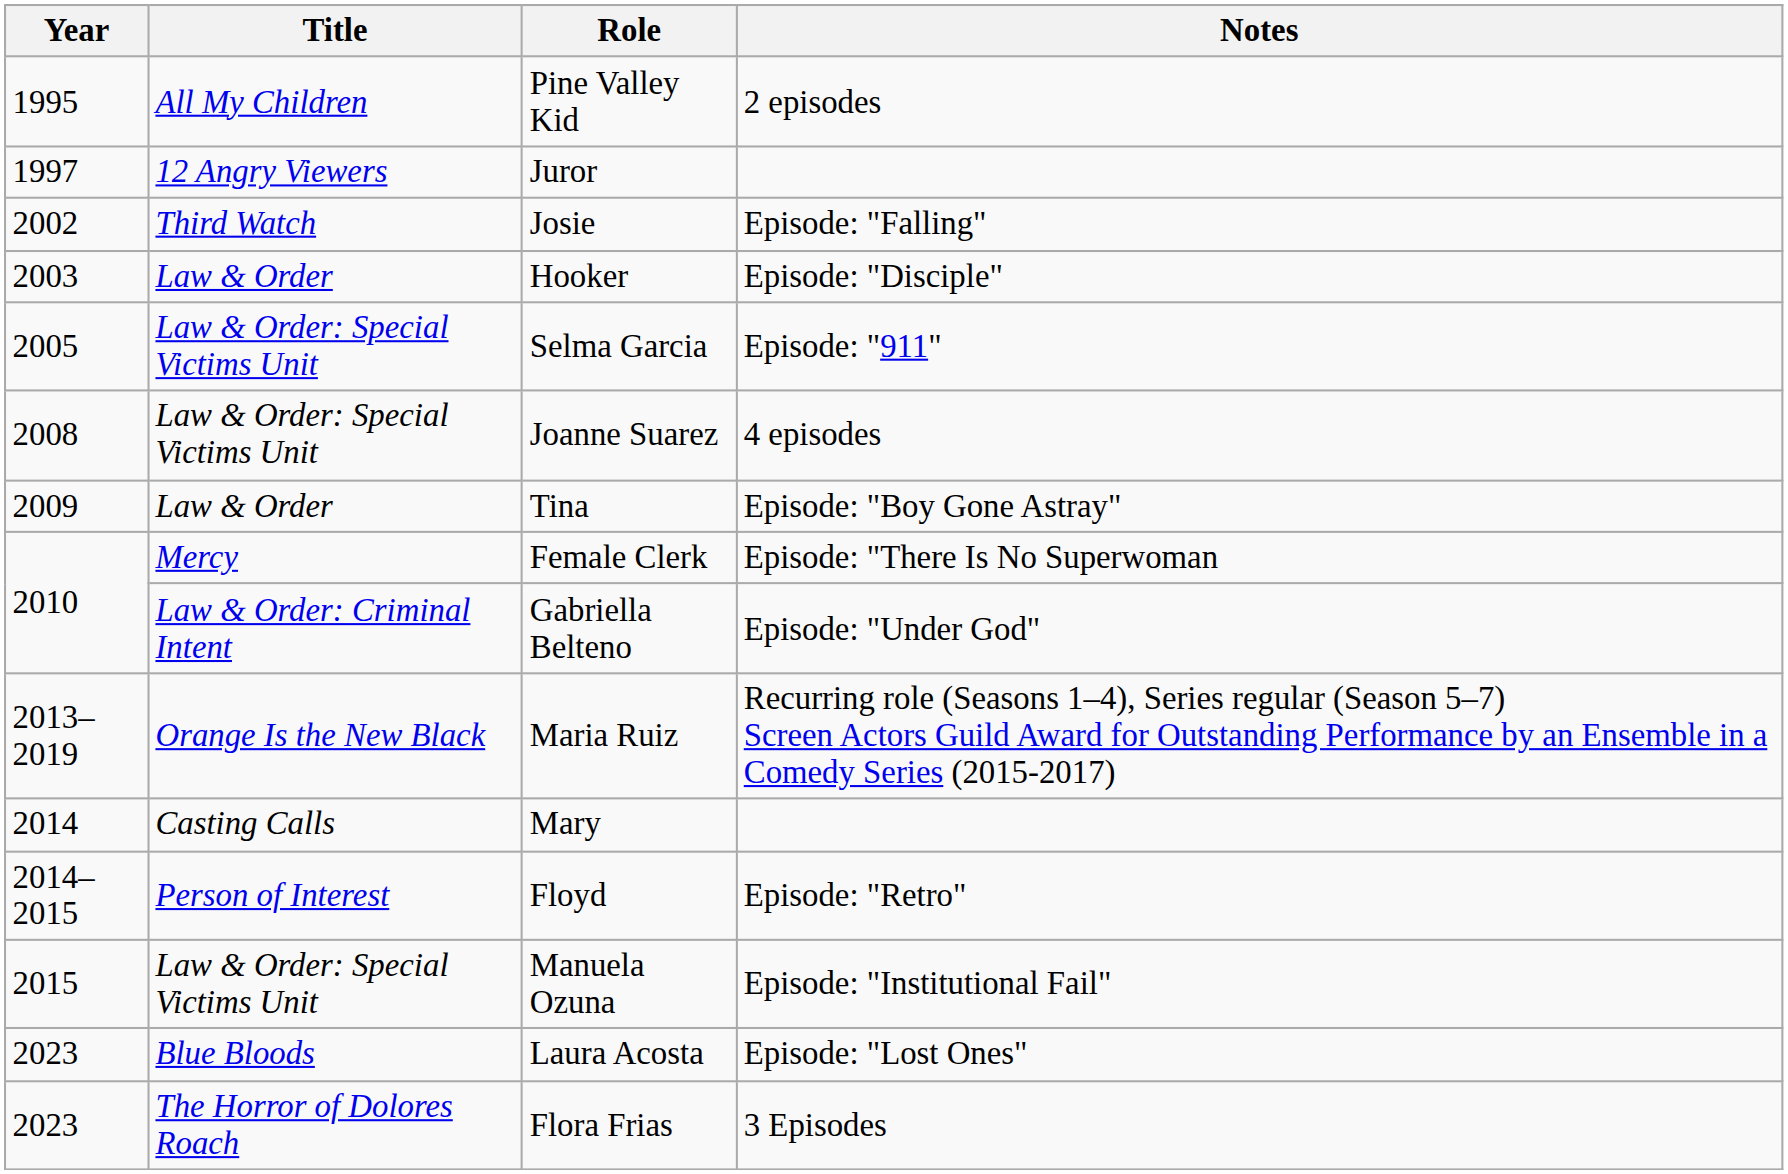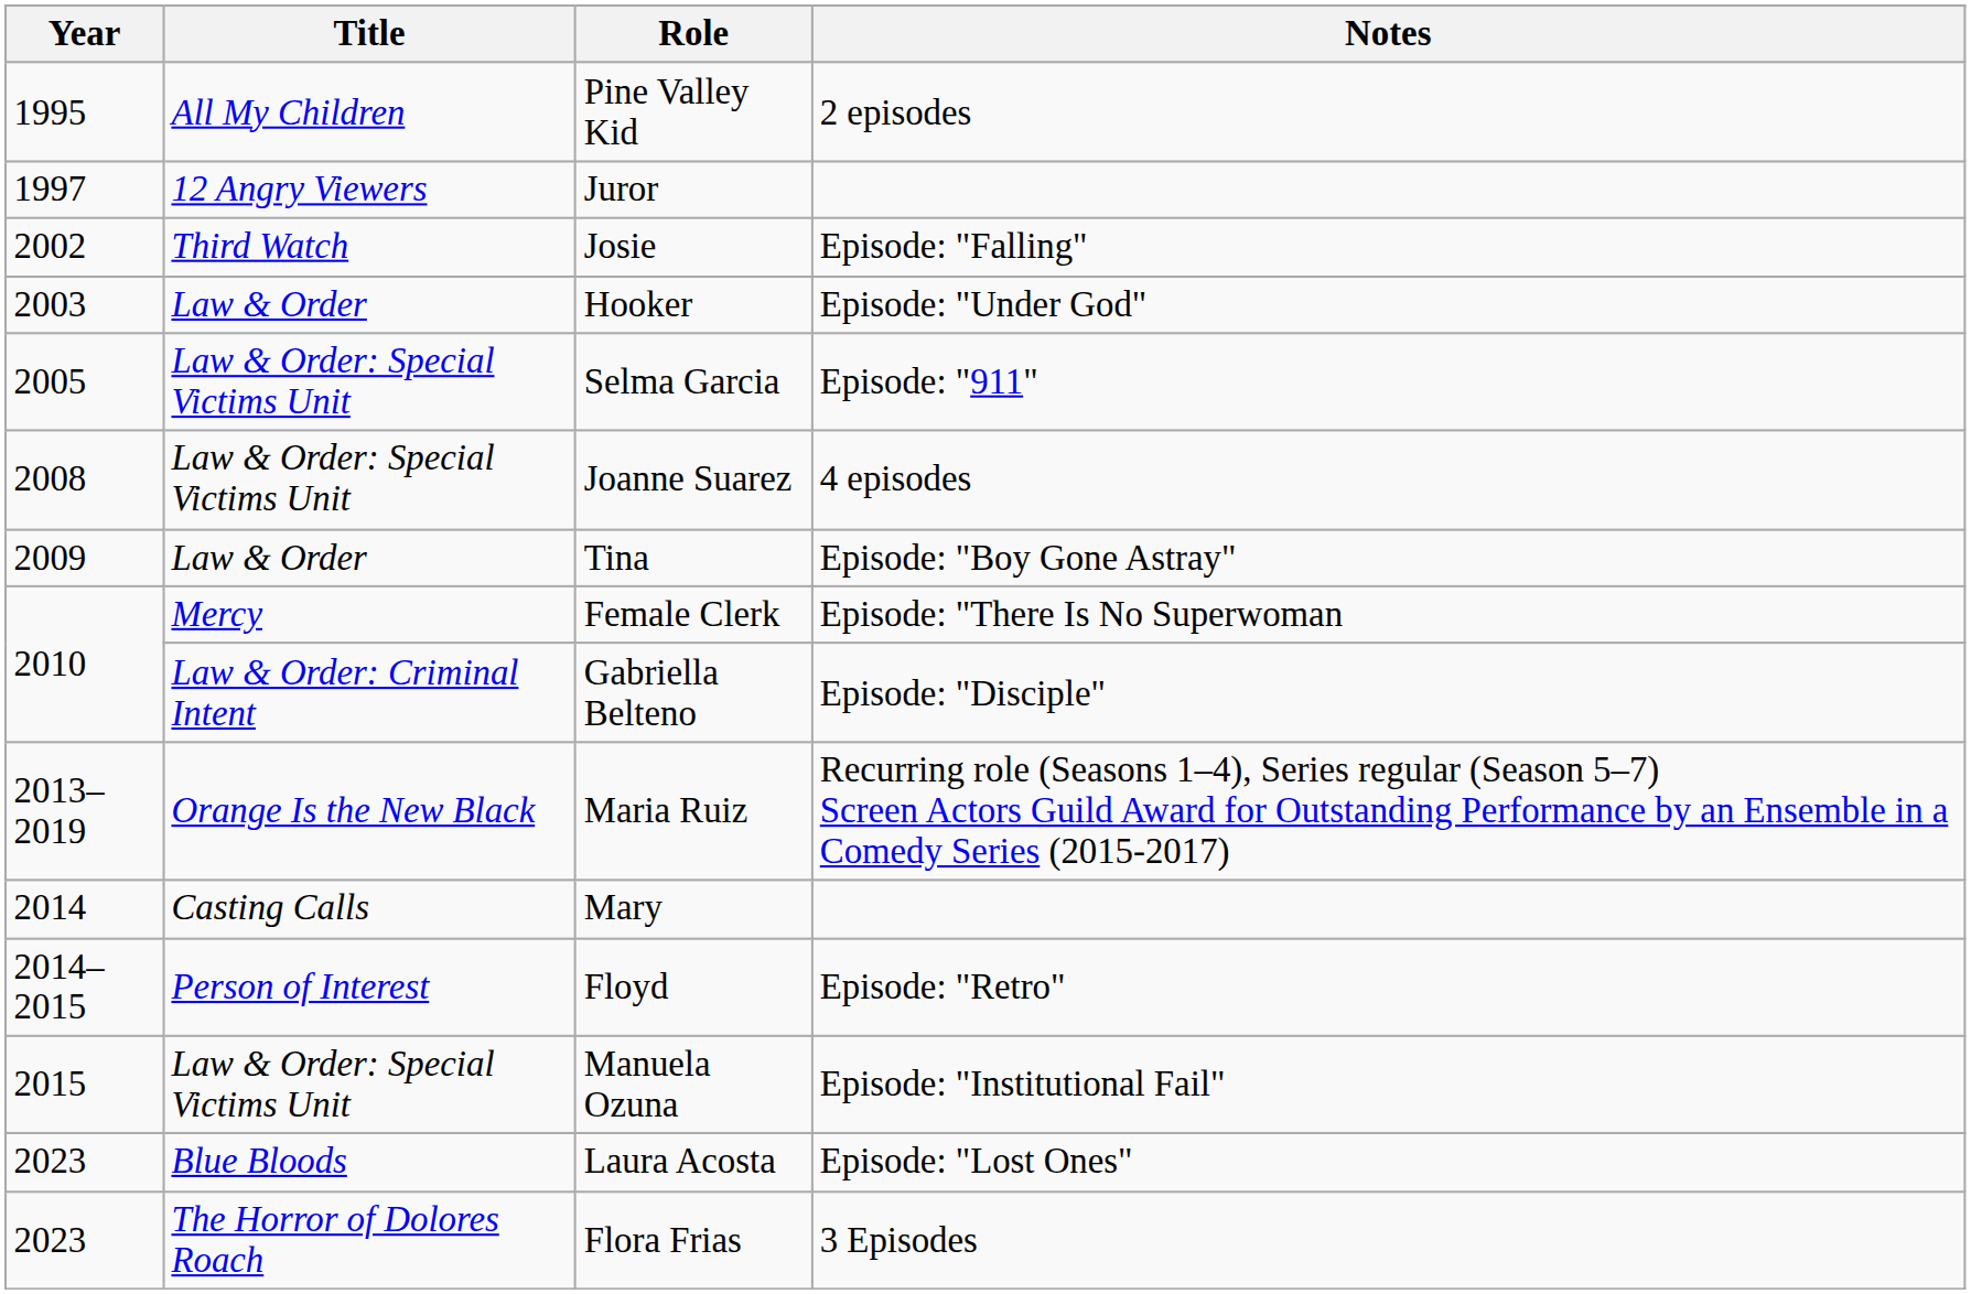 <table class="wikitable sortable">
 <tr>
 <th>Year</th>
 <th>Title</th>
 <th>Role</th>
 <th>Notes</th>
 </tr>
 <tr>
 <td>1995</td>
 <td><em><a href='#'>All My Children</a></em></td>
 <td>Pine Valley Kid</td>
 <td>2 episodes</td>
 </tr>
 <tr>
 <td>1997</td>
 <td><em><a href='#'>12 Angry Viewers</a></em></td>
 <td>Juror</td>
 <td></td>
 </tr>
 <tr>
 <td>2002</td>
 <td><em><a href='#'>Third Watch</a></em></td>
 <td>Josie</td>
 <td>Episode: "Falling"</td>
 </tr>
 <tr>
 <td>2003</td>
 <td><em><a href='#'>Law & Order</a></em></td>
 <td>Hooker</td>
-<td>Episode: "Disciple"</td>
+<td>Episode: "Under God"</td>
 </tr>
 <tr>
 <td>2005</td>
 <td><em><a href='#'>Law & Order: Special Victims Unit</a></em></td>
 <td>Selma Garcia</td>
 <td>Episode: "<a href='#'>911</a>"</td>
 </tr>
 <tr>
 <td>2008</td>
 <td><em>Law & Order: Special Victims Unit</em></td>
 <td>Joanne Suarez</td>
 <td>4 episodes</td>
 </tr>
 <tr>
 <td>2009</td>
 <td><em>Law & Order</em></td>
 <td>Tina</td>
 <td>Episode: "Boy Gone Astray"</td>
 </tr>
 <tr>
 <td rowspan="2">2010</td>
 <td><em><a href='#'>Mercy</a></em></td>
 <td>Female Clerk</td>
 <td>Episode: "There Is No Superwoman</td>
 </tr>
 <tr>
 <td><em><a href='#'>Law & Order: Criminal Intent</a></em></td>
 <td>Gabriella Belteno</td>
-<td>Episode: "Under God"</td>
+<td>Episode: "Disciple"</td>
 </tr>
 <tr>
 <td>2013–2019</td>
 <td><em><a href='#'>Orange Is the New Black</a></em></td>
 <td>Maria Ruiz</td>
 <td>Recurring role (Seasons 1–4), Series regular (Season 5–7)<br><a href='#'>Screen Actors Guild Award for Outstanding Performance by an Ensemble in a Comedy Series</a> (2015-2017)</td>
 </tr>
 <tr>
 <td>2014</td>
 <td><em>Casting Calls</em></td>
 <td>Mary</td>
 <td></td>
 </tr>
 <tr>
 <td>2014–2015</td>
 <td><em><a href='#'>Person of Interest</a></em></td>
 <td>Floyd</td>
 <td>Episode: "Retro"</td>
 </tr>
 <tr>
 <td>2015</td>
 <td><em>Law & Order: Special Victims Unit</em></td>
 <td>Manuela Ozuna</td>
 <td>Episode: "Institutional Fail"</td>
 </tr>
 <tr>
 <td>2023</td>
 <td><a href='#'><em>Blue Bloods</em></a></td>
 <td>Laura Acosta</td>
 <td>Episode: "Lost Ones"</td>
 </tr>
 <tr>
 <td>2023</td>
 <td><em><a href='#'>The Horror of Dolores Roach</a></em></td>
 <td>Flora Frias</td>
 <td>3 Episodes</td>
 </tr>
 </table>
